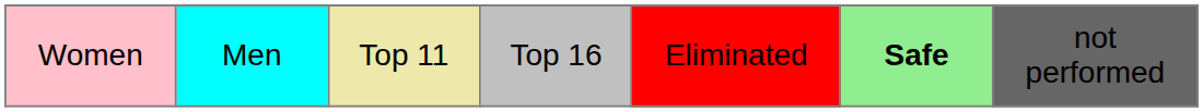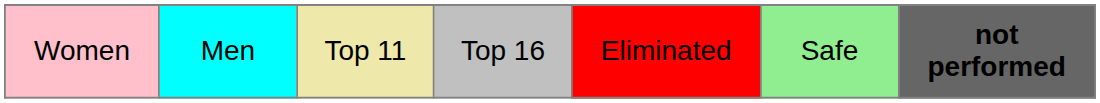 <table border="2" cellpadding="8" style="background:silver; border:1px solid gray; border-collapse:collapse; margin:1em auto; text-align:center;">
 <tr>
 </tr>
 <tr>
 <td style="background:pink;" width="10%">Women</td>
 <td style="background:cyan;" width="10%">Men</td>
 <td style="background:palegoldenrod;" width="10%">Top 11</td>
 <td style="background:CCCCCC;" width="10%">Top 16</td>
 <td style="background:red;" width="10%"><span>Eliminated</span></td>
-<td style="background:lightgreen;" width="10%"><strong>Safe</strong></td>
-<td style="background:#666666;" width="10%"><span>not performed</span></td>
+<td style="background:lightgreen;" width="10%">Safe</td>
+<td style="background:#666666;" width="10%"><strong><span>not performed</span></strong></td>
 </tr>
 </table>
